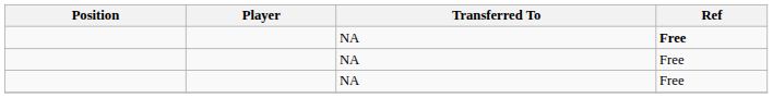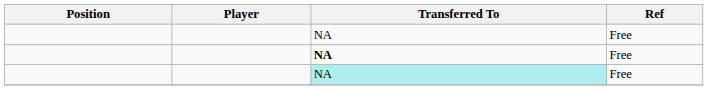 <table class="wikitable sortable" style="width:70%; text-align:center; font-size:100%; text-align:left;">
 <tr>
 <th><strong>Position</strong></th>
 <th><strong>Player</strong></th>
 <th><strong>Transferred To</strong></th>
 <th><strong>Ref</strong></th>
 </tr>
 <tr>
 <td></td>
 <td></td>
 <td>NA</td>
-<td><strong>Free</strong></td>
-</tr>
-<tr>
-<td></td>
-<td></td>
-<td>NA</td>
 <td>Free</td>
 </tr>
 <tr>
 <td></td>
 <td></td>
-<td>NA</td>
+<td><strong>NA</strong></td>
+<td>Free</td>
+</tr>
+<tr>
+<td></td>
+<td></td>
+<td style="background: paleturquoise;">NA</td>
 <td>Free</td>
 </tr>
 <tr>
 </tr>
 </table>
